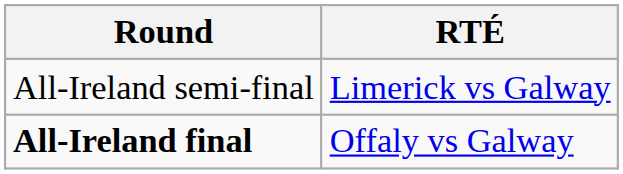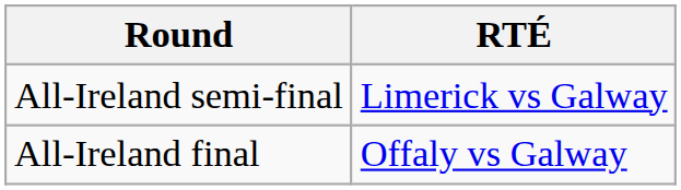 <table class="wikitable">
 <tr>
 <th>Round</th>
 <th>RTÉ</th>
 </tr>
 <tr>
 <td>All-Ireland semi-final</td>
 <td><a href='#'>Limerick vs Galway</a></td>
 </tr>
 <tr>
-<td><strong>All-Ireland final</strong></td>
+<td>All-Ireland final</td>
 <td><a href='#'>Offaly vs Galway</a></td>
 </tr>
 </table>
